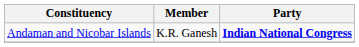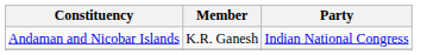 <table class="wikitable sortable">
 <tr>
 <th>Constituency</th>
 <th>Member</th>
 <th>Party</th>
 </tr>
 <tr>
 <td><a href='#'>Andaman and Nicobar Islands</a></td>
 <td>K.R. Ganesh</td>
-<td><strong><a href='#'>Indian National Congress</a></strong></td>
+<td><a href='#'>Indian National Congress</a></td>
 </tr>
 <tr>
 </tr>
 </table>
